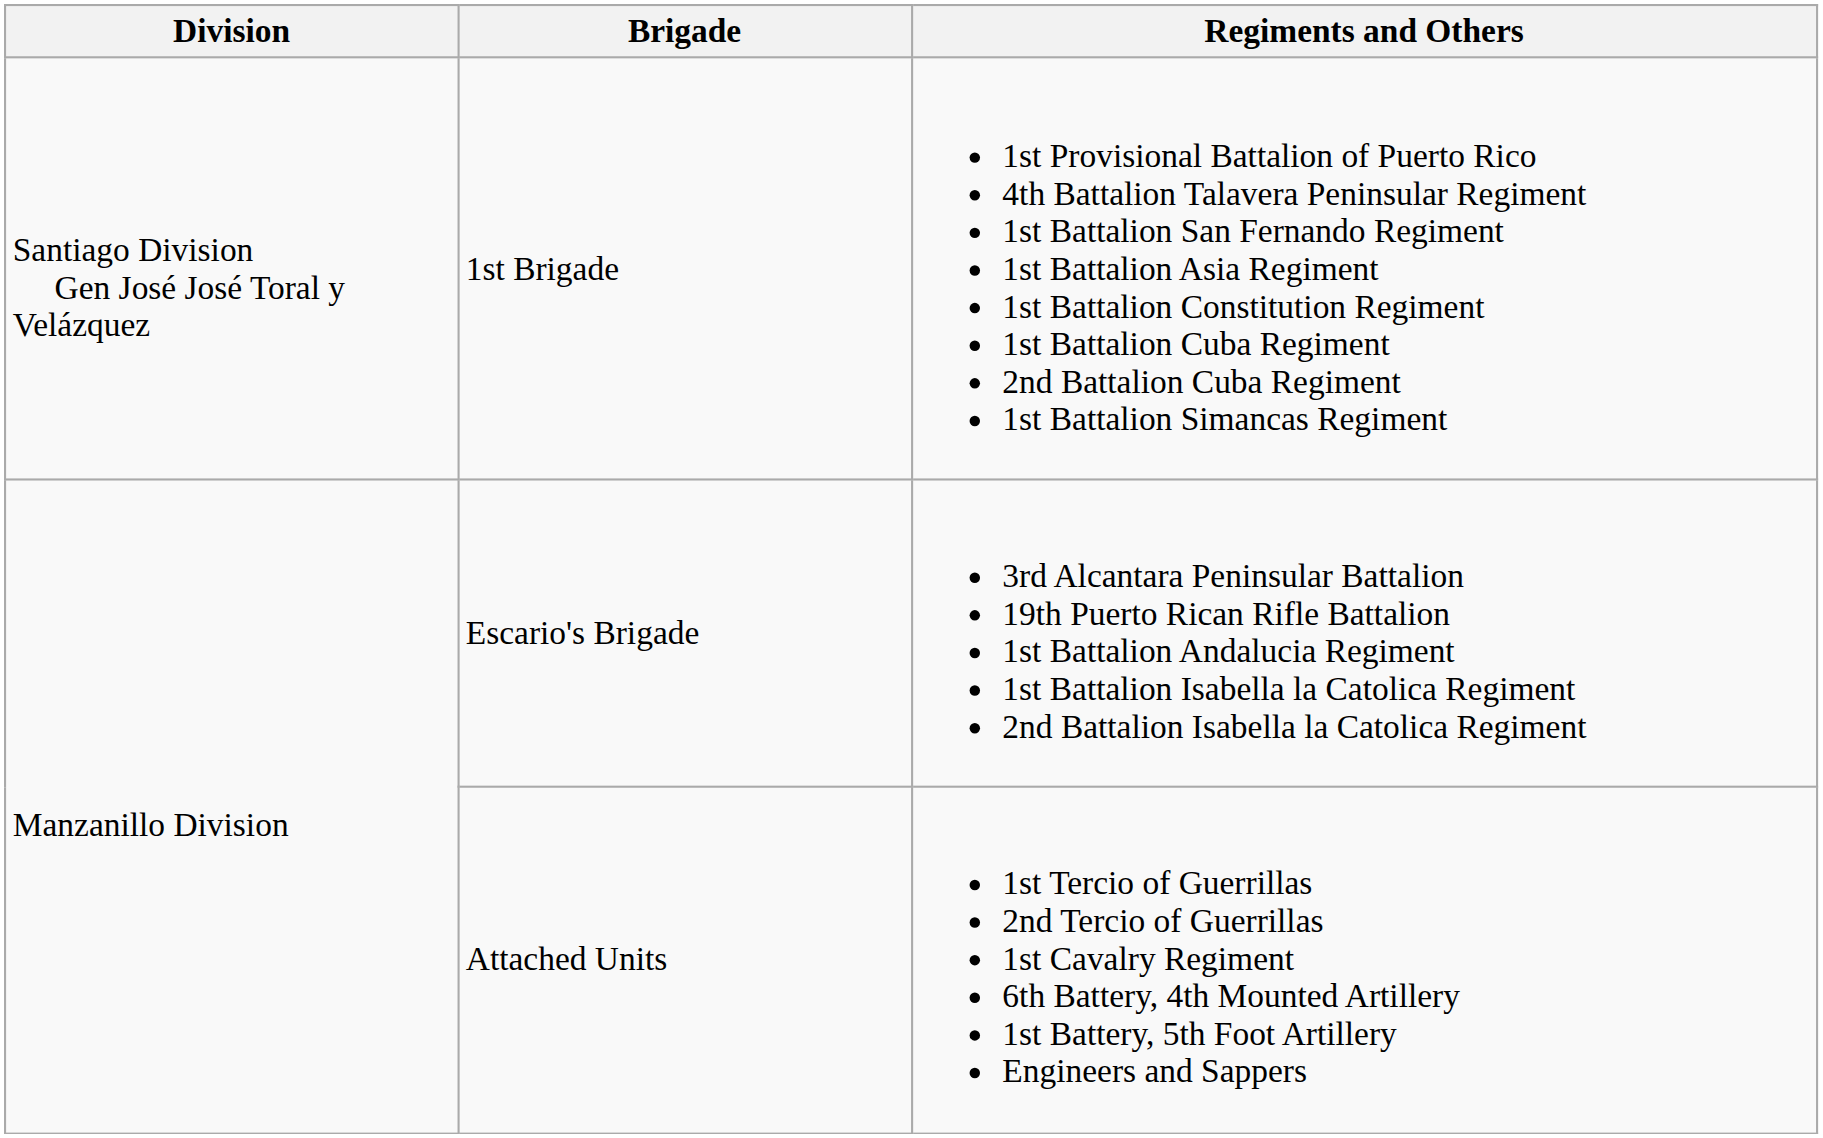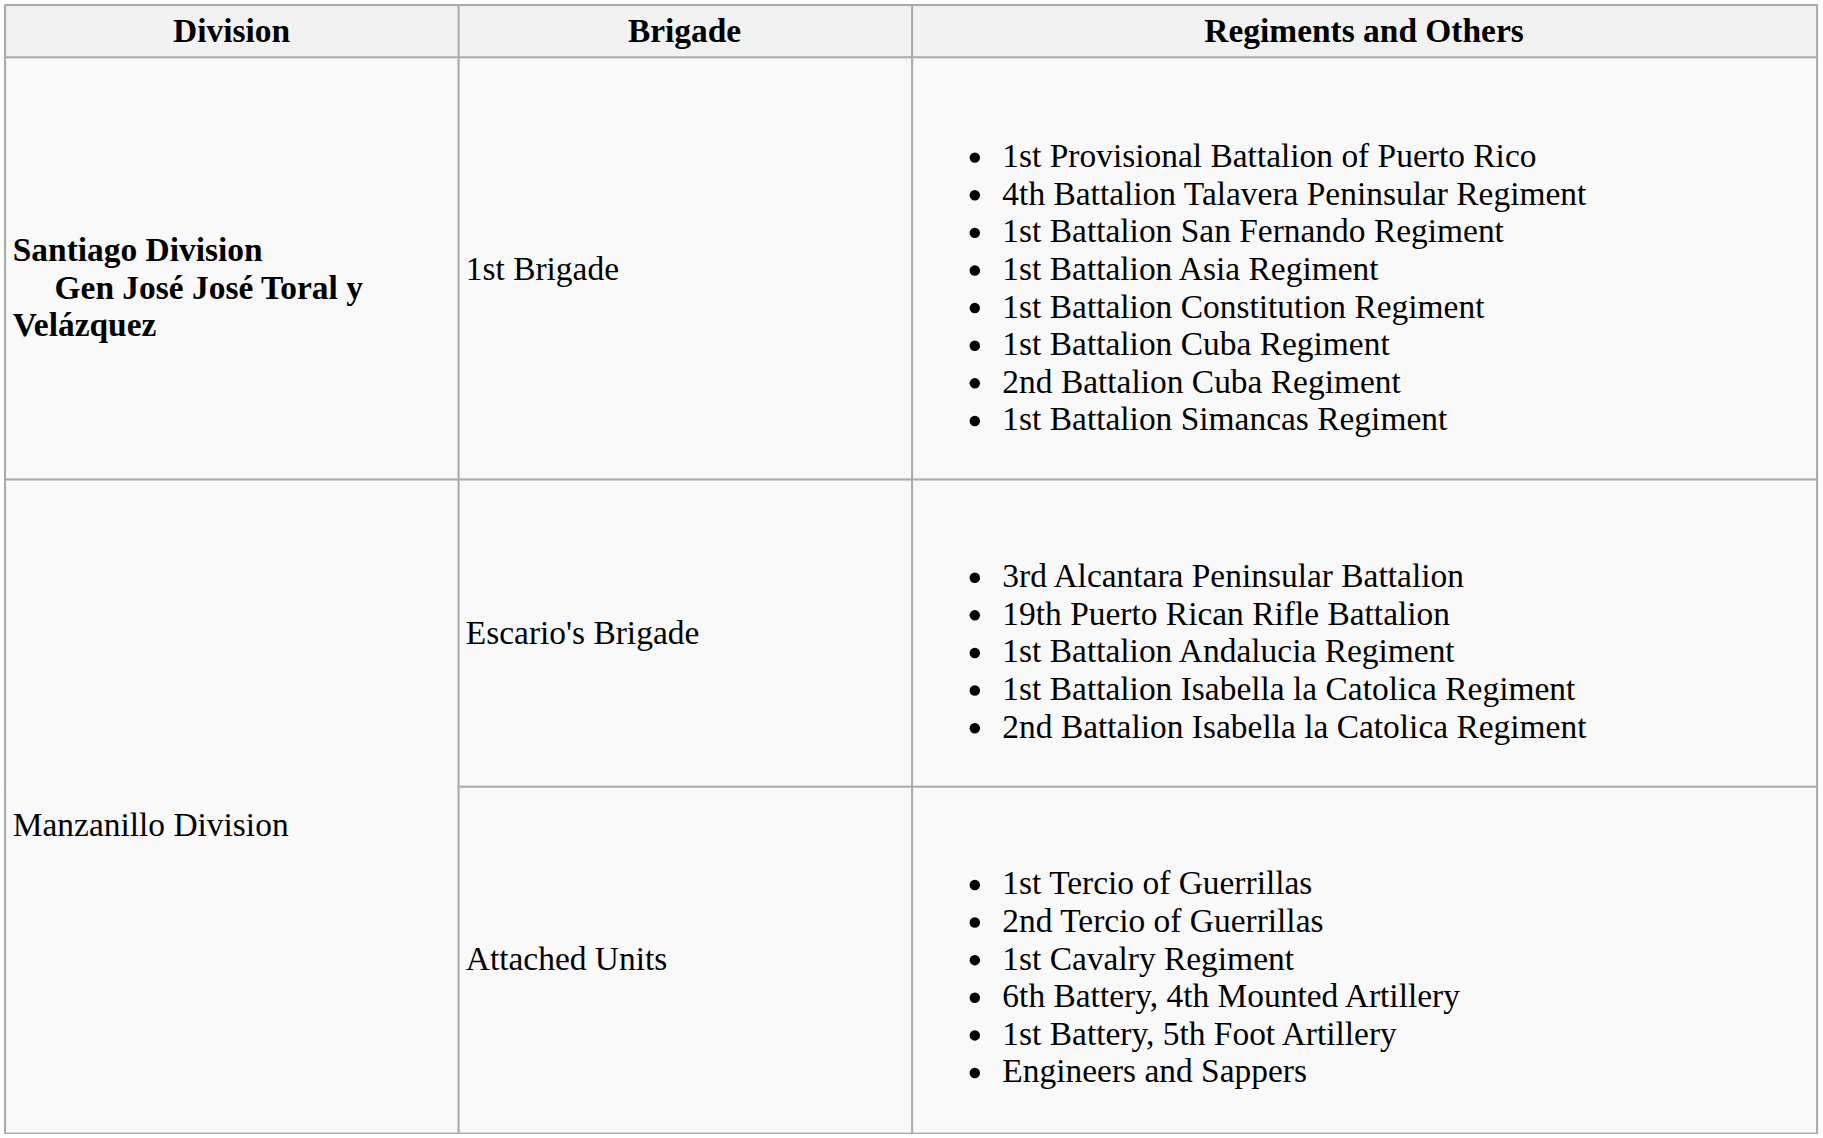 <table class="wikitable">
 <tr>
 <th width=25%>Division</th>
 <th width=25%>Brigade</th>
 <th>Regiments and Others</th>
 </tr>
 <tr>
-<td rowspan=1><br>Santiago Division <br>     Gen José José Toral y Velázquez</td>
+<td rowspan=1><strong><br>Santiago Division <br>     Gen José José Toral y Velázquez</strong></td>
 <td>1st Brigade</td>
 <td><br><ul><li>1st Provisional Battalion of Puerto Rico</li><li>4th Battalion Talavera Peninsular Regiment</li><li>1st Battalion San Fernando Regiment</li><li>1st Battalion Asia Regiment</li><li>1st Battalion Constitution Regiment</li><li>1st Battalion Cuba Regiment</li><li>2nd Battalion Cuba Regiment</li><li>1st Battalion Simancas Regiment</li></ul></td>
 </tr>
 <tr>
 <td rowspan=2><br>Manzanillo Division</td>
 <td>Escario's Brigade</td>
 <td><br><ul><li>3rd Alcantara Peninsular Battalion</li><li>19th Puerto Rican Rifle Battalion</li><li>1st Battalion Andalucia Regiment</li><li>1st Battalion Isabella la Catolica Regiment</li><li>2nd Battalion Isabella la Catolica Regiment</li></ul></td>
 </tr>
 <tr>
 <td>Attached Units</td>
 <td><br><ul><li>1st Tercio of Guerrillas</li><li>2nd Tercio of Guerrillas</li><li>1st Cavalry Regiment</li><li>6th Battery, 4th Mounted Artillery</li><li>1st Battery, 5th Foot Artillery</li><li>Engineers and Sappers</li></ul></td>
 </tr>
 </table>
